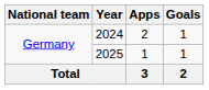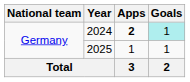 <table class="wikitable" style="text-align:center">
 <tr>
 <th>National team</th>
 <th>Year</th>
 <th>Apps</th>
 <th>Goals</th>
 </tr>
 <tr>
 <td rowspan=2><a href='#'>Germany</a></td>
 <td>2024</td>
-<td>2</td>
-<td>1</td>
+<td><strong>2</strong></td>
+<td style="background: paleturquoise;">1</td>
 </tr>
 <tr>
 <td>2025</td>
 <td>1</td>
 <td>1</td>
 </tr>
 <tr>
 <th colspan="2">Total</th>
 <th>3</th>
 <th>2</th>
 </tr>
 </table>
